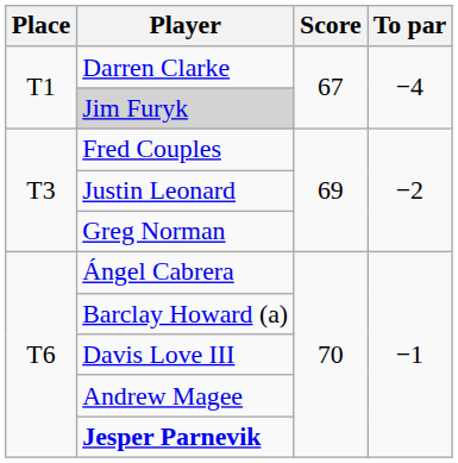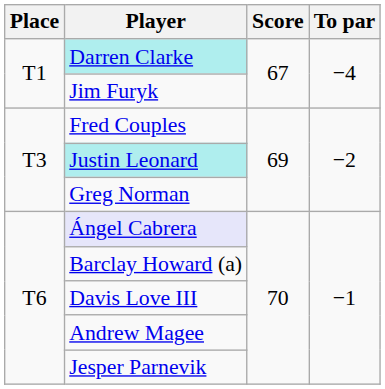 <table class="wikitable">
 <tr>
 <th>Place</th>
 <th>Player</th>
 <th>Score</th>
 <th>To par</th>
 </tr>
 <tr>
 <td rowspan="2" align=center>T1</td>
-<td> <a href='#'>Darren Clarke</a></td>
+<td style="background: paleturquoise;"> <a href='#'>Darren Clarke</a></td>
 <td rowspan="2" align=center>67</td>
 <td rowspan="2" align=center>−4</td>
 </tr>
 <tr>
-<td style="background: lightgrey;"> <a href='#'>Jim Furyk</a></td>
+<td> <a href='#'>Jim Furyk</a></td>
 </tr>
 <tr>
 <td rowspan="3" align=center>T3</td>
 <td> <a href='#'>Fred Couples</a></td>
 <td rowspan="3" align=center>69</td>
 <td rowspan="3" align=center>−2</td>
 </tr>
 <tr>
-<td> <a href='#'>Justin Leonard</a></td>
+<td style="background: paleturquoise;"> <a href='#'>Justin Leonard</a></td>
 </tr>
 <tr>
 <td> <a href='#'>Greg Norman</a></td>
 </tr>
 <tr>
 <td rowspan="5" align=center>T6</td>
-<td> <a href='#'>Ángel Cabrera</a></td>
+<td style="background: lavender;"> <a href='#'>Ángel Cabrera</a></td>
 <td rowspan="5" align=center>70</td>
 <td rowspan="5" align=center>−1</td>
 </tr>
 <tr>
 <td> <a href='#'>Barclay Howard</a> (a)</td>
 </tr>
 <tr>
 <td> <a href='#'>Davis Love III</a></td>
 </tr>
 <tr>
 <td> <a href='#'>Andrew Magee</a></td>
 </tr>
 <tr>
-<td><strong> <a href='#'>Jesper Parnevik</a></strong></td>
+<td> <a href='#'>Jesper Parnevik</a></td>
 </tr>
 </table>
